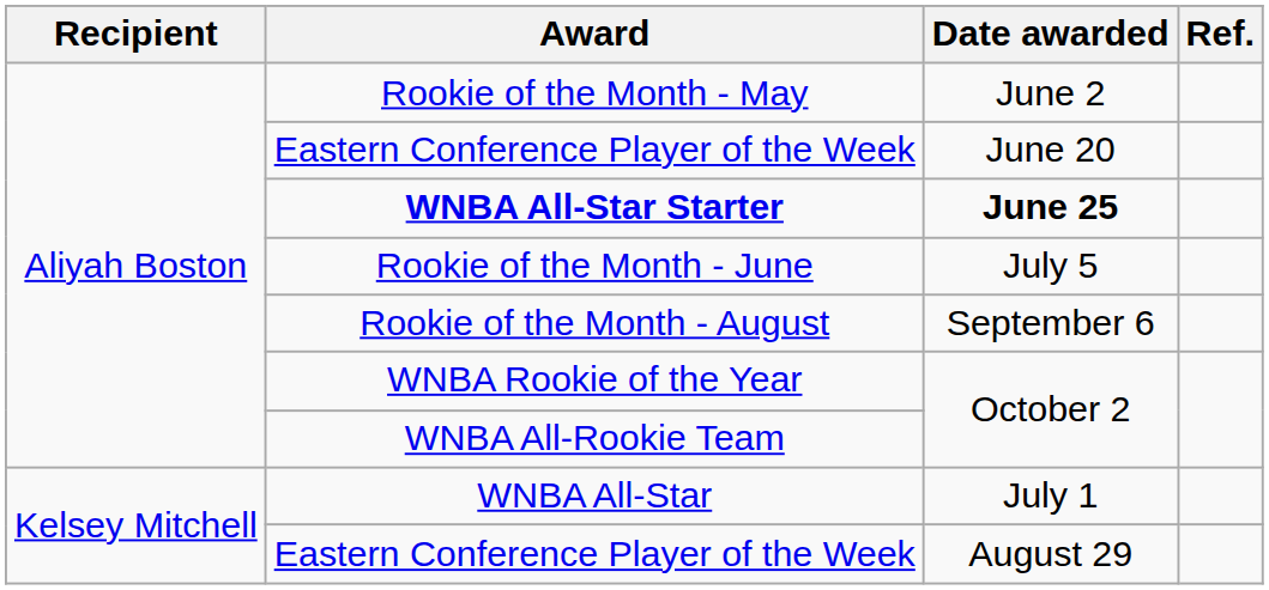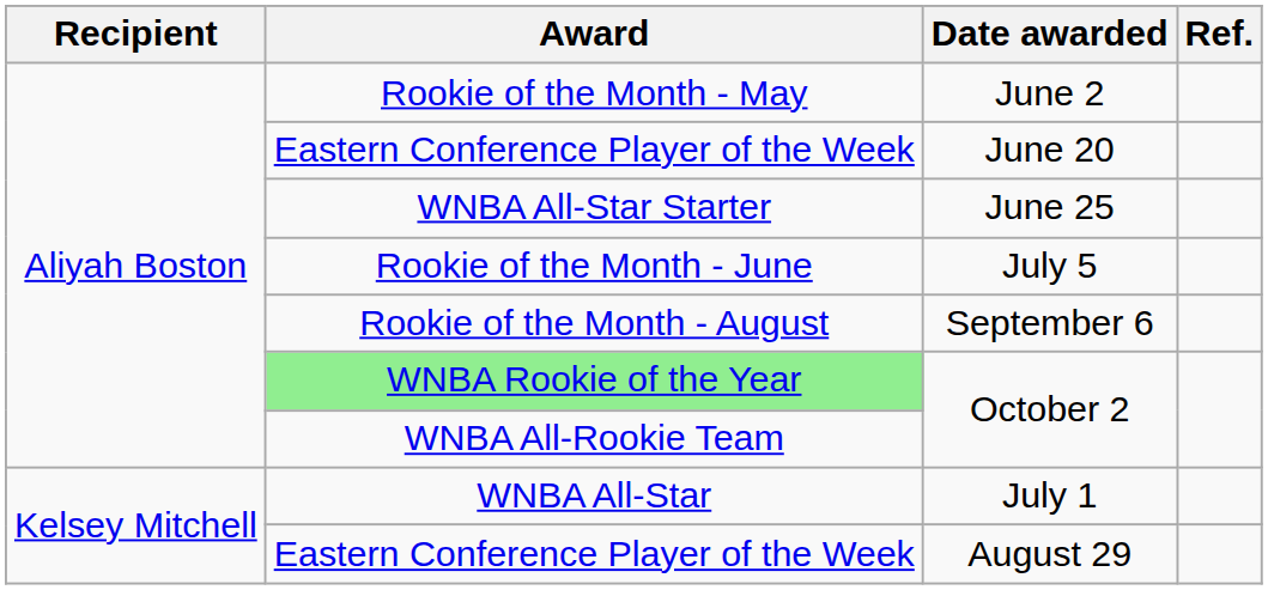 <table class="wikitable sortable sortable" style="text-align: center">
 <tr>
 <th>Recipient</th>
 <th>Award</th>
 <th>Date awarded</th>
 <th>Ref.</th>
 </tr>
 <tr>
 <td rowspan=7><a href='#'>Aliyah Boston</a></td>
 <td><a href='#'>Rookie of the Month - May</a></td>
 <td>June 2</td>
 <td></td>
 </tr>
 <tr>
 <td><a href='#'>Eastern Conference Player of the Week</a></td>
 <td>June 20</td>
 <td></td>
 </tr>
 <tr>
-<td><strong><a href='#'>WNBA All-Star Starter</a></strong></td>
-<td><strong>June 25</strong></td>
+<td><a href='#'>WNBA All-Star Starter</a></td>
+<td>June 25</td>
 <td></td>
 </tr>
 <tr>
 <td><a href='#'>Rookie of the Month - June</a></td>
 <td>July 5</td>
 <td></td>
 </tr>
 <tr>
 <td><a href='#'>Rookie of the Month - August</a></td>
 <td>September 6</td>
 <td></td>
 </tr>
 <tr>
-<td><a href='#'>WNBA Rookie of the Year</a></td>
+<td style="background: lightgreen;"><a href='#'>WNBA Rookie of the Year</a></td>
 <td rowspan=2>October 2</td>
 <td rowspan=2></td>
 </tr>
 <tr>
 <td><a href='#'>WNBA All-Rookie Team</a></td>
 </tr>
 <tr>
 <td rowspan=2><a href='#'>Kelsey Mitchell</a></td>
 <td><a href='#'>WNBA All-Star</a></td>
 <td>July 1</td>
 <td></td>
 </tr>
 <tr>
 <td><a href='#'>Eastern Conference Player of the Week</a></td>
 <td>August 29</td>
 <td></td>
 </tr>
 </table>
